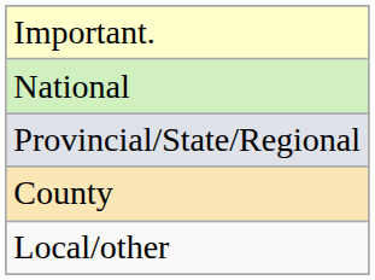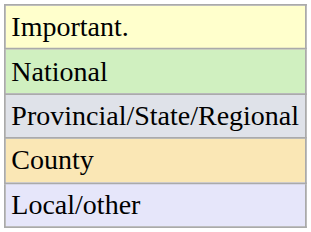 <table class="wikitable">
 <tr style="background:#ffc;">
 <td>Important.</td>
 </tr>
 <tr style="background:#d0f0c0">
 <td>National</td>
 </tr>
 <tr style="background:#dfe2e9">
 <td>Provincial/State/Regional</td>
 </tr>
 <tr style="background:#fae7b5">
 <td>County</td>
 </tr>
 <tr>
-<td>Local/other</td>
+<td style="background: lavender;">Local/other</td>
 </tr>
 </table>
